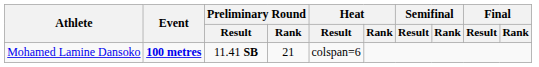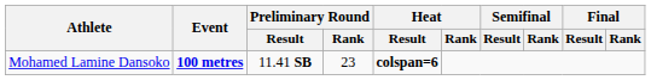 <table class="wikitable" style="font-size:90%">
 <tr>
 <th rowspan="2">Athlete</th>
 <th rowspan="2">Event</th>
 <th colspan="2">Preliminary Round</th>
 <th colspan="2">Heat</th>
 <th colspan="2">Semifinal</th>
 <th colspan="2">Final</th>
 </tr>
 <tr style="font-size:95%">
 <th>Result</th>
 <th>Rank</th>
 <th>Result</th>
 <th>Rank</th>
 <th>Result</th>
 <th>Rank</th>
 <th>Result</th>
 <th>Rank</th>
 </tr>
 <tr style=text-align:center>
 <td style=text-align:left><a href='#'>Mohamed Lamine Dansoko</a></td>
 <td style=text-align:left><strong><a href='#'>100 metres</a></strong></td>
 <td>11.41 <strong>SB</strong></td>
-<td>21</td>
-<td>colspan=6 </td>
+<td>23</td>
+<td><strong>colspan=6 </strong></td>
 </tr>
 </table>
